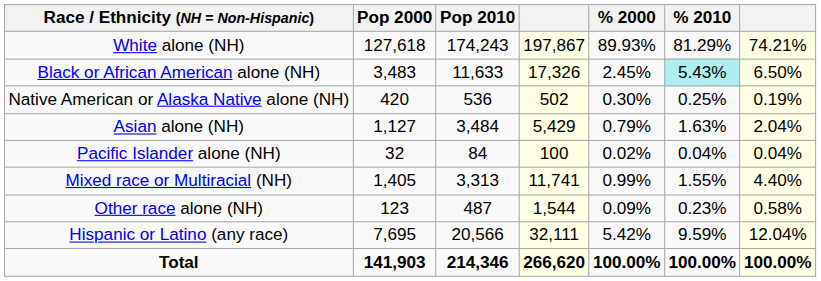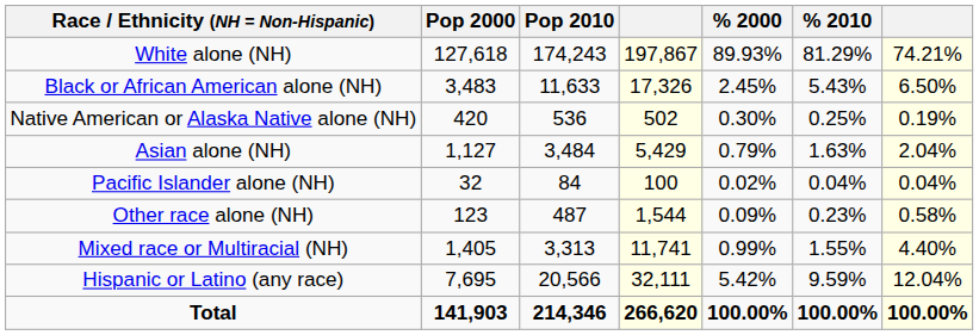 <table class="wikitable" style="text-align:center;">
 <tr>
 <th>Race / Ethnicity <small>(<em>NH = Non-Hispanic</em>)</small></th>
 <th>Pop 2000</th>
 <th>Pop 2010</th>
 <th></th>
 <th>% 2000</th>
 <th>% 2010</th>
 <th></th>
 </tr>
 <tr>
 <td><a href='#'>White</a> alone (NH)</td>
 <td>127,618</td>
 <td>174,243</td>
 <td style='background: #ffffe6;'>197,867</td>
 <td>89.93%</td>
 <td>81.29%</td>
 <td style='background: #ffffe6;'>74.21%</td>
 </tr>
 <tr>
 <td><a href='#'>Black or African American</a> alone (NH)</td>
 <td>3,483</td>
 <td>11,633</td>
 <td style='background: #ffffe6;'>17,326</td>
 <td>2.45%</td>
-<td style="background: paleturquoise;">5.43%</td>
+<td>5.43%</td>
 <td style='background: #ffffe6;'>6.50%</td>
 </tr>
 <tr>
 <td>Native American or <a href='#'>Alaska Native</a> alone (NH)</td>
 <td>420</td>
 <td>536</td>
 <td style='background: #ffffe6;'>502</td>
 <td>0.30%</td>
 <td>0.25%</td>
 <td style='background: #ffffe6;'>0.19%</td>
 </tr>
 <tr>
 <td><a href='#'>Asian</a> alone (NH)</td>
 <td>1,127</td>
 <td>3,484</td>
 <td style='background: #ffffe6;'>5,429</td>
 <td>0.79%</td>
 <td>1.63%</td>
 <td style='background: #ffffe6;'>2.04%</td>
 </tr>
 <tr>
 <td><a href='#'>Pacific Islander</a> alone (NH)</td>
 <td>32</td>
 <td>84</td>
 <td style='background: #ffffe6;'>100</td>
 <td>0.02%</td>
 <td>0.04%</td>
 <td style='background: #ffffe6;'>0.04%</td>
 </tr>
 <tr>
+<td><a href='#'>Other race</a> alone (NH)</td>
+<td>123</td>
+<td>487</td>
+<td style='background: #ffffe6;'>1,544</td>
+<td>0.09%</td>
+<td>0.23%</td>
+<td style='background: #ffffe6;'>0.58%</td>
+</tr>
+<tr>
 <td><a href='#'>Mixed race or Multiracial</a> (NH)</td>
 <td>1,405</td>
 <td>3,313</td>
 <td style='background: #ffffe6;'>11,741</td>
 <td>0.99%</td>
 <td>1.55%</td>
 <td style='background: #ffffe6;'>4.40%</td>
-</tr>
-<tr>
-<td><a href='#'>Other race</a> alone (NH)</td>
-<td>123</td>
-<td>487</td>
-<td style='background: #ffffe6;'>1,544</td>
-<td>0.09%</td>
-<td>0.23%</td>
-<td style='background: #ffffe6;'>0.58%</td>
 </tr>
 <tr>
 <td><a href='#'>Hispanic or Latino</a> (any race)</td>
 <td>7,695</td>
 <td>20,566</td>
 <td style='background: #ffffe6;'>32,111</td>
 <td>5.42%</td>
 <td>9.59%</td>
 <td style='background: #ffffe6;'>12.04%</td>
 </tr>
 <tr>
 <td><strong>Total</strong></td>
 <td><strong>141,903</strong></td>
 <td><strong>214,346</strong></td>
 <td style='background: #ffffe6;'><strong>266,620</strong></td>
 <td><strong>100.00%</strong></td>
 <td><strong>100.00%</strong></td>
 <td style='background: #ffffe6;'><strong>100.00%</strong></td>
 </tr>
 </table>
